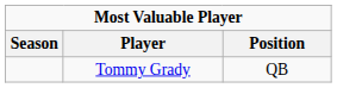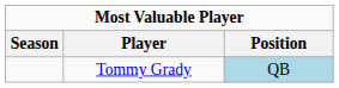 <table class="wikitable sortable" style="text-align:center">
 <tr>
 <td colspan="4"><strong>Most Valuable Player</strong></td>
 </tr>
 <tr>
 <th style="width:50px; ">Season</th>
 <th style="width:150px; ">Player</th>
 <th style="width:100px; ">Position</th>
 </tr>
 <tr>
 <td></td>
 <td><a href='#'>Tommy Grady</a></td>
-<td>QB</td>
+<td style="background: lightblue;">QB</td>
 </tr>
 </table>
